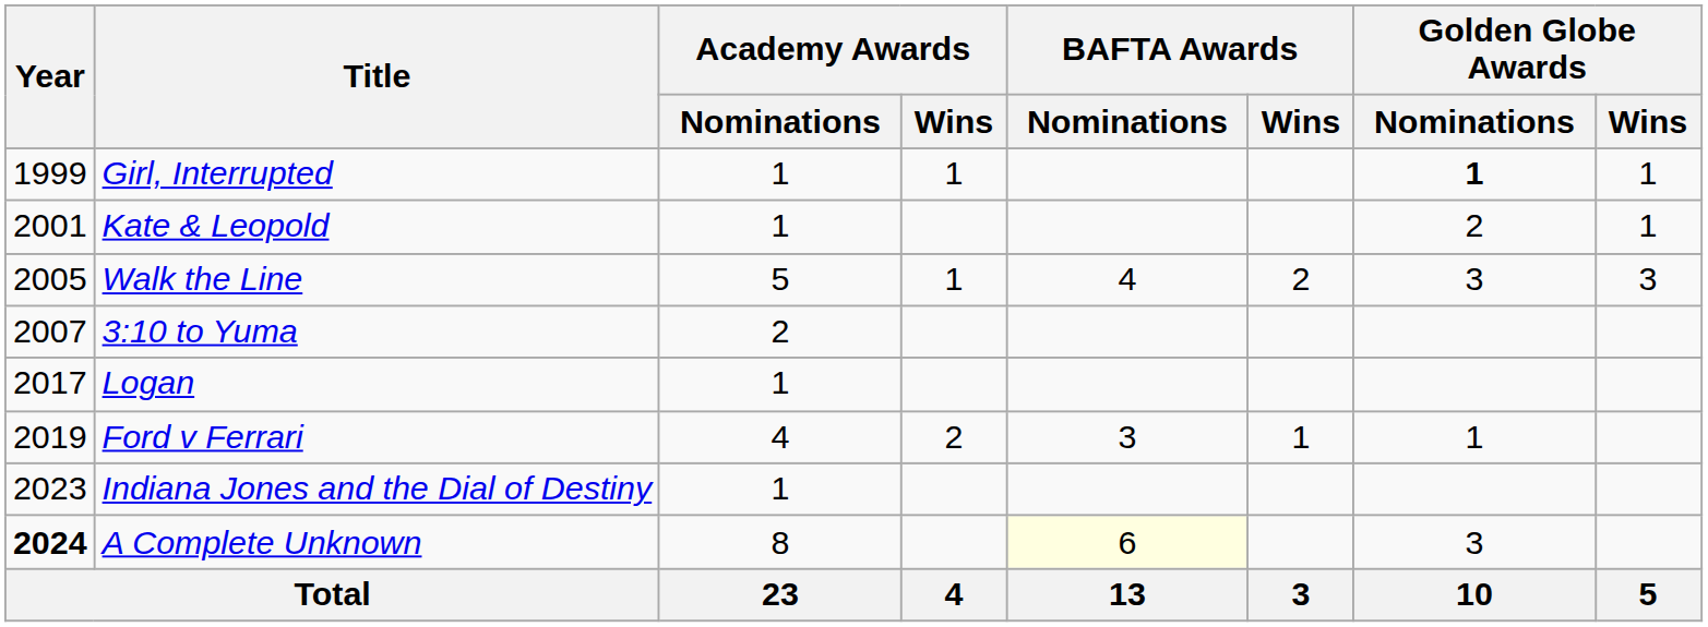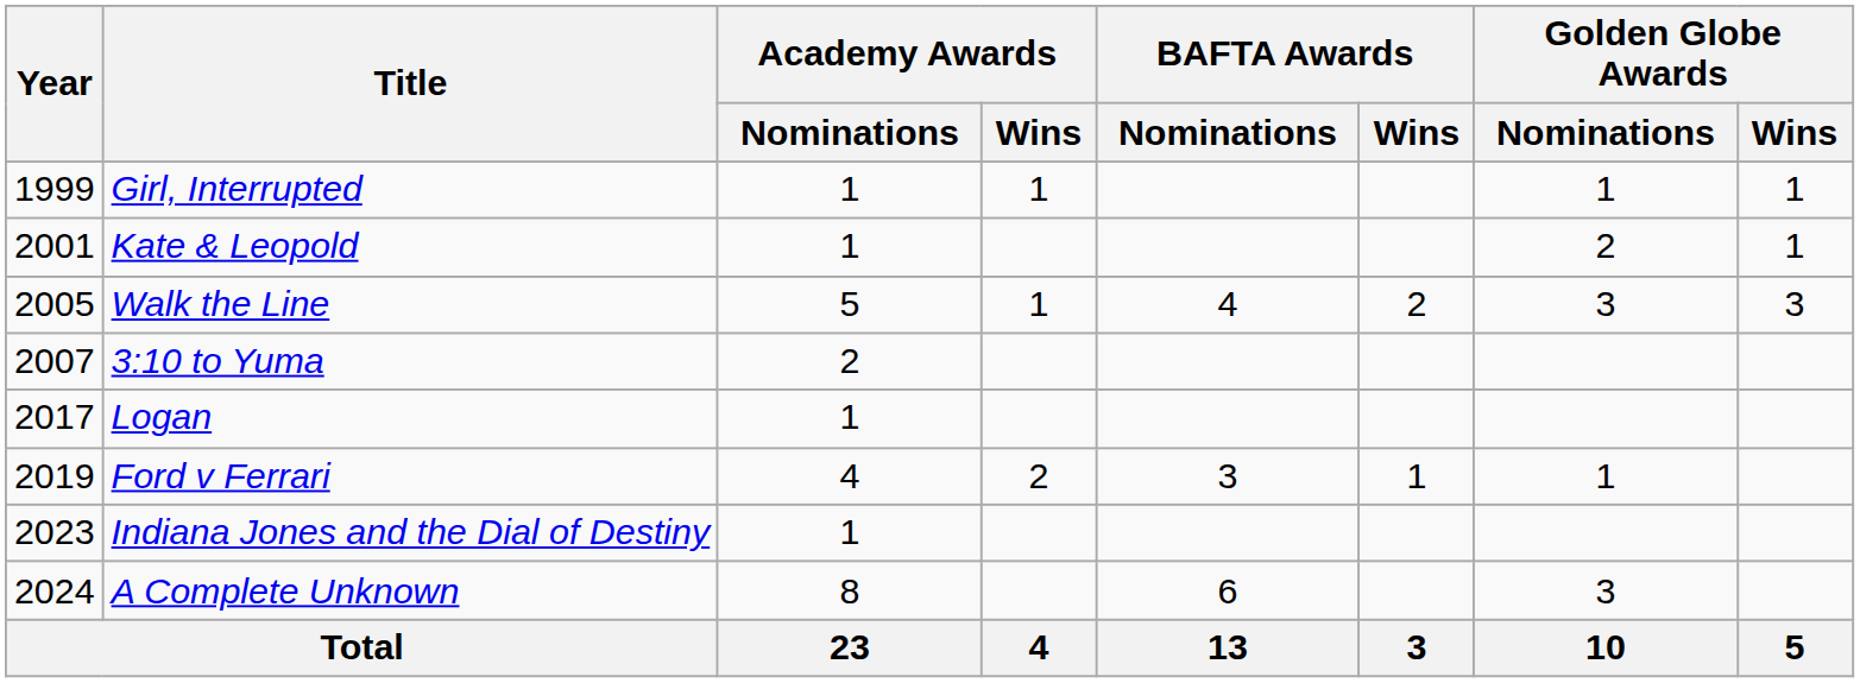 <table class="wikitable">
 <tr>
 <th rowspan="2">Year</th>
 <th rowspan="2">Title</th>
 <th colspan="2" style="text-align:center;" width=160>Academy Awards</th>
 <th colspan="2" style="text-align:center;" width=160>BAFTA Awards</th>
 <th colspan="2" style="text-align:center;" width=160>Golden Globe Awards</th>
 </tr>
 <tr>
 <th>Nominations</th>
 <th>Wins</th>
 <th>Nominations</th>
 <th>Wins</th>
 <th>Nominations</th>
 <th>Wins</th>
 </tr>
 <tr>
 <td>1999</td>
 <td><em><a href='#'>Girl, Interrupted</a></em></td>
 <td align="center">1</td>
 <td align="center">1</td>
 <td></td>
 <td></td>
-<td align="center"><strong>1</strong></td>
+<td align="center">1</td>
 <td align="center">1</td>
 </tr>
 <tr>
 <td>2001</td>
 <td><em><a href='#'>Kate & Leopold</a></em></td>
 <td align="center">1</td>
 <td></td>
 <td></td>
 <td></td>
 <td align="center">2</td>
 <td align="center">1</td>
 </tr>
 <tr>
 <td>2005</td>
 <td><em><a href='#'>Walk the Line</a></em></td>
 <td align="center">5</td>
 <td align="center">1</td>
 <td align="center">4</td>
 <td align="center">2</td>
 <td align="center">3</td>
 <td align="center">3</td>
 </tr>
 <tr>
 <td>2007</td>
 <td><em><a href='#'>3:10 to Yuma</a></em></td>
 <td align="center">2</td>
 <td></td>
 <td></td>
 <td></td>
 <td></td>
 <td></td>
 </tr>
 <tr>
 <td>2017</td>
 <td><em><a href='#'>Logan</a></em></td>
 <td align=center>1</td>
 <td></td>
 <td></td>
 <td></td>
 <td></td>
 <td></td>
 </tr>
 <tr>
 <td>2019</td>
 <td><em><a href='#'>Ford v Ferrari</a></em></td>
 <td align=center>4</td>
 <td align=center>2</td>
 <td align=center>3</td>
 <td align=center>1</td>
 <td align=center>1</td>
 <td></td>
 </tr>
 <tr>
 <td>2023</td>
 <td><em><a href='#'>Indiana Jones and the Dial of Destiny</a></em></td>
 <td align="center">1</td>
 <td></td>
 <td></td>
 <td></td>
 <td></td>
 <td></td>
 </tr>
 <tr>
-<td><strong>2024</strong></td>
+<td>2024</td>
 <td><em><a href='#'>A Complete Unknown</a></em></td>
 <td align="center">8</td>
 <td></td>
-<td align="center" style="background: lightyellow;">6</td>
+<td align="center">6</td>
 <td></td>
 <td align="center">3</td>
 <td></td>
 </tr>
 <tr>
 <th colspan="2">Total</th>
 <th align="center">23</th>
 <th align="center">4</th>
 <th align="center">13</th>
 <th align="center">3</th>
 <th align="center">10</th>
 <th align="center">5</th>
 </tr>
 </table>
